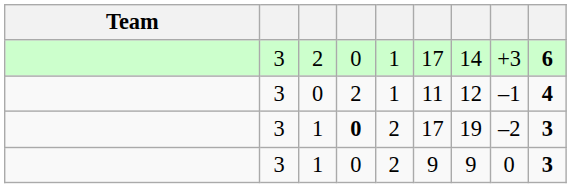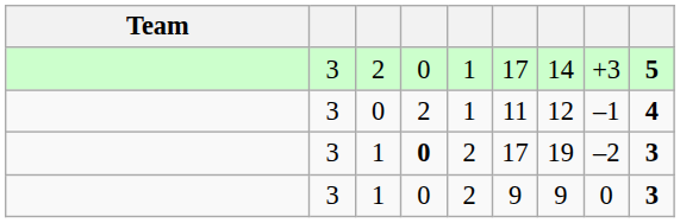 <table class="wikitable" style="text-align: center;">
 <tr>
 <th style="width:175px;">Team</th>
 <th width="20"></th>
 <th width="20"></th>
 <th width="20"></th>
 <th width="20"></th>
 <th width="20"></th>
 <th width="20"></th>
 <th width="20"></th>
 <th width="20"></th>
 </tr>
 <tr style="background:#cfc;">
 <td align=left></td>
 <td>3</td>
 <td>2</td>
 <td>0</td>
 <td>1</td>
 <td>17</td>
 <td>14</td>
 <td>+3</td>
-<td><strong>6</strong></td>
+<td><strong>5</strong></td>
 </tr>
 <tr>
 <td align=left></td>
 <td>3</td>
 <td>0</td>
 <td>2</td>
 <td>1</td>
 <td>11</td>
 <td>12</td>
 <td>–1</td>
 <td><strong>4</strong></td>
 </tr>
 <tr>
 <td align=left></td>
 <td>3</td>
 <td>1</td>
 <td><strong>0</strong></td>
 <td>2</td>
 <td>17</td>
 <td>19</td>
 <td>–2</td>
 <td><strong>3</strong></td>
 </tr>
 <tr>
 <td align=left></td>
 <td>3</td>
 <td>1</td>
 <td>0</td>
 <td>2</td>
 <td>9</td>
 <td>9</td>
 <td>0</td>
 <td><strong>3</strong></td>
 </tr>
 </table>
